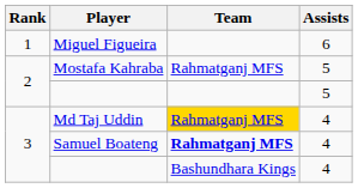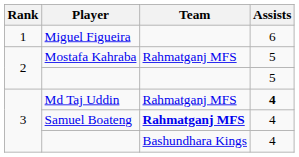 <table class="wikitable" style="text-align:center">
 <tr>
 <th style="text-align:center">Rank</th>
 <th style="text-align:center">Player</th>
 <th style="text-align:center">Team</th>
 <th style="text-align:center">Assists</th>
 </tr>
 <tr>
 <td>1</td>
 <td align="left"> <a href='#'>Miguel Figueira</a></td>
 <td align="left"></td>
 <td>6</td>
 </tr>
 <tr>
 <td rowspan=2>2</td>
 <td align="left"> <a href='#'>Mostafa Kahraba</a></td>
 <td align="left"><a href='#'>Rahmatganj MFS</a></td>
 <td>5</td>
 </tr>
 <tr>
 <td align="left"></td>
 <td align="left"></td>
 <td>5</td>
 </tr>
 <tr>
 <td rowspan=4>3</td>
 <td align="left"> <a href='#'>Md Taj Uddin</a></td>
-<td align="left" style="background: gold;"><a href='#'>Rahmatganj MFS</a></td>
-<td>4</td>
+<td align="left"><a href='#'>Rahmatganj MFS</a></td>
+<td><strong>4</strong></td>
 </tr>
 <tr>
 <td align="left"> <a href='#'>Samuel Boateng</a></td>
 <td align="left"><strong><a href='#'>Rahmatganj MFS</a></strong></td>
 <td>4</td>
 </tr>
 <tr>
 <td align="left"></td>
 <td align="left"><a href='#'>Bashundhara Kings</a></td>
 <td>4</td>
 </tr>
 </table>
